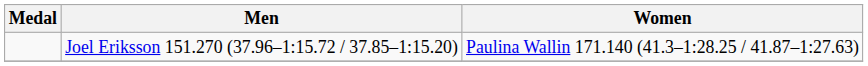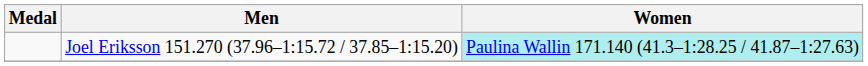 <table class="wikitable">
 <tr>
 <th>Medal</th>
 <th>Men</th>
 <th>Women</th>
 </tr>
 <tr>
 <td></td>
 <td><a href='#'>Joel Eriksson</a> 151.270 (37.96–1:15.72 / 37.85–1:15.20)</td>
-<td><a href='#'>Paulina Wallin</a> 171.140 (41.3–1:28.25 / 41.87–1:27.63)</td>
+<td style="background: paleturquoise;"><a href='#'>Paulina Wallin</a> 171.140 (41.3–1:28.25 / 41.87–1:27.63)</td>
 </tr>
 <tr>
 </tr>
 </table>
